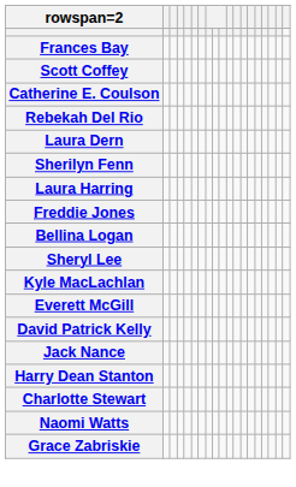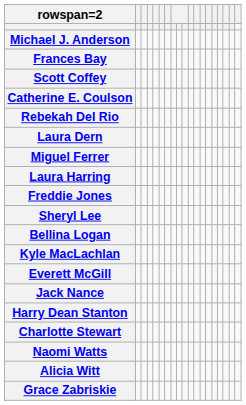 <table class="wikitable plainrowheaders" style="text-align:center;font-size:85%">
 <tr>
 <th>rowspan=2 </th>
 <th></th>
 <th></th>
 <th></th>
 <th></th>
 <th></th>
 <th></th>
 <th colspan=3></th>
 <th></th>
 <th></th>
 <th></th>
 <th></th>
 <th></th>
 <th></th>
 <th></th>
 <th></th>
 <th></th>
 </tr>
 <tr>
 <th></th>
 <th></th>
 <th></th>
 <th></th>
 <th></th>
 <th></th>
 <th></th>
 <th></th>
 <th></th>
 <th></th>
 <th></th>
 <th></th>
 <th></th>
 <th></th>
 <th></th>
 <th></th>
 <th></th>
 <th></th>
+</tr>
+<tr>
+<th scope="row"><a href='#'>Michael J. Anderson</a></th>
+<td></td>
+<td></td>
+<td></td>
+<td></td>
+<td></td>
+<td></td>
+<td></td>
+<td></td>
+<td></td>
+<td></td>
+<td></td>
+<td></td>
+<td></td>
+<td></td>
+<td></td>
+<td></td>
+<td></td>
+<td></td>
 </tr>
 <tr>
 <th scope="row"><a href='#'>Frances Bay</a></th>
 <td></td>
 <td></td>
 <td></td>
 <td></td>
 <td></td>
 <td></td>
 <td></td>
 <td></td>
 <td></td>
 <td></td>
 <td></td>
 <td></td>
 <td></td>
 <td></td>
 <td></td>
 <td></td>
 <td></td>
 <td></td>
 </tr>
 <tr>
 <th scope="row"><a href='#'>Scott Coffey</a></th>
 <td></td>
 <td></td>
 <td></td>
 <td></td>
 <td></td>
 <td></td>
 <td></td>
 <td></td>
 <td></td>
 <td></td>
 <td></td>
 <td></td>
 <td></td>
 <td></td>
 <td></td>
 <td></td>
 <td></td>
 <td></td>
 </tr>
 <tr>
 <th scope="row"><a href='#'>Catherine E. Coulson</a></th>
 <td></td>
 <td></td>
 <td></td>
 <td></td>
 <td></td>
 <td></td>
 <td></td>
 <td></td>
 <td></td>
 <td></td>
 <td></td>
 <td></td>
 <td></td>
 <td></td>
 <td></td>
 <td></td>
 <td></td>
 <td></td>
 </tr>
 <tr>
 <th scope="row"><a href='#'>Rebekah Del Rio</a></th>
 <td></td>
 <td></td>
 <td></td>
 <td></td>
 <td></td>
 <td></td>
 <td></td>
 <td></td>
 <td></td>
 <td></td>
 <td></td>
 <td></td>
 <td></td>
 <td></td>
 <td></td>
 <td></td>
 <td></td>
 <td></td>
 </tr>
 <tr>
 <th scope="row"><a href='#'>Laura Dern</a></th>
 <td></td>
 <td></td>
 <td></td>
 <td></td>
 <td></td>
 <td></td>
 <td></td>
 <td></td>
 <td></td>
 <td></td>
 <td></td>
 <td></td>
 <td></td>
 <td></td>
 <td></td>
 <td></td>
 <td></td>
 <td></td>
 </tr>
 <tr>
-<th scope="row"><a href='#'>Sherilyn Fenn</a></th>
+<th scope="row"><a href='#'>Miguel Ferrer</a></th>
 <td></td>
 <td></td>
 <td></td>
 <td></td>
 <td></td>
 <td></td>
 <td></td>
 <td></td>
 <td></td>
 <td></td>
 <td></td>
 <td></td>
 <td></td>
 <td></td>
 <td></td>
 <td></td>
 <td></td>
 <td></td>
 </tr>
 <tr>
 <th scope="row"><a href='#'>Laura Harring</a></th>
 <td></td>
 <td></td>
 <td></td>
 <td></td>
 <td></td>
 <td></td>
 <td></td>
 <td></td>
 <td></td>
 <td></td>
 <td></td>
 <td></td>
 <td></td>
 <td></td>
 <td></td>
 <td></td>
 <td></td>
 <td></td>
 </tr>
 <tr>
 <th scope="row"><a href='#'>Freddie Jones</a></th>
 <td></td>
 <td></td>
 <td></td>
 <td></td>
 <td></td>
 <td></td>
 <td></td>
 <td></td>
 <td></td>
 <td></td>
 <td></td>
 <td></td>
 <td></td>
 <td></td>
 <td></td>
 <td></td>
 <td></td>
 <td></td>
 </tr>
 <tr>
-<th scope="row"><a href='#'>Bellina Logan</a></th>
+<th scope="row"><a href='#'>Sheryl Lee</a></th>
 <td></td>
 <td></td>
 <td></td>
 <td></td>
 <td></td>
 <td></td>
 <td></td>
 <td></td>
 <td></td>
 <td></td>
 <td></td>
 <td></td>
 <td></td>
 <td></td>
 <td></td>
 <td></td>
 <td></td>
 <td></td>
 </tr>
 <tr>
-<th scope="row"><a href='#'>Sheryl Lee</a></th>
+<th scope="row"><a href='#'>Bellina Logan</a></th>
 <td></td>
 <td></td>
 <td></td>
 <td></td>
 <td></td>
 <td></td>
 <td></td>
 <td></td>
 <td></td>
 <td></td>
 <td></td>
 <td></td>
 <td></td>
 <td></td>
 <td></td>
 <td></td>
 <td></td>
 <td></td>
 </tr>
 <tr>
 <th scope="row"><a href='#'>Kyle MacLachlan</a></th>
 <td></td>
 <td></td>
 <td></td>
 <td></td>
 <td></td>
 <td></td>
 <td></td>
 <td></td>
 <td></td>
 <td></td>
 <td></td>
 <td></td>
 <td></td>
 <td></td>
 <td></td>
 <td></td>
 <td></td>
 <td></td>
 </tr>
 <tr>
 <th scope="row"><a href='#'>Everett McGill</a></th>
-<td></td>
-<td></td>
-<td></td>
-<td></td>
-<td></td>
-<td></td>
-<td></td>
-<td></td>
-<td></td>
-<td></td>
-<td></td>
-<td></td>
-<td></td>
-<td></td>
-<td></td>
-<td></td>
-<td></td>
-<td></td>
-</tr>
-<tr>
-<th scope="row"><a href='#'>David Patrick Kelly</a></th>
 <td></td>
 <td></td>
 <td></td>
 <td></td>
 <td></td>
 <td></td>
 <td></td>
 <td></td>
 <td></td>
 <td></td>
 <td></td>
 <td></td>
 <td></td>
 <td></td>
 <td></td>
 <td></td>
 <td></td>
 <td></td>
 </tr>
 <tr>
 <th scope="row"><a href='#'>Jack Nance</a></th>
 <td></td>
 <td></td>
 <td></td>
 <td></td>
 <td></td>
 <td></td>
 <td></td>
 <td></td>
 <td></td>
 <td></td>
 <td></td>
 <td></td>
 <td></td>
 <td></td>
 <td></td>
 <td></td>
 <td></td>
 <td></td>
 </tr>
 <tr>
 <th scope="row"><a href='#'>Harry Dean Stanton</a></th>
 <td></td>
 <td></td>
 <td></td>
 <td></td>
 <td></td>
 <td></td>
 <td></td>
 <td></td>
 <td></td>
 <td></td>
 <td></td>
 <td></td>
 <td></td>
 <td></td>
 <td></td>
 <td></td>
 <td></td>
 <td></td>
 </tr>
 <tr>
 <th scope="row"><a href='#'>Charlotte Stewart</a></th>
 <td></td>
 <td></td>
 <td></td>
 <td></td>
 <td></td>
 <td></td>
 <td></td>
 <td></td>
 <td></td>
 <td></td>
 <td></td>
 <td></td>
 <td></td>
 <td></td>
 <td></td>
 <td></td>
 <td></td>
 <td></td>
 </tr>
 <tr>
 <th scope="row"><a href='#'>Naomi Watts</a></th>
 <td></td>
 <td></td>
 <td></td>
 <td></td>
 <td></td>
 <td></td>
 <td></td>
 <td></td>
 <td></td>
 <td></td>
 <td></td>
 <td></td>
 <td></td>
 <td></td>
 <td></td>
 <td></td>
 <td></td>
 <td></td>
 </tr>
 <tr>
+<th scope="row"><a href='#'>Alicia Witt</a></th>
+<td></td>
+<td></td>
+<td></td>
+<td></td>
+<td></td>
+<td></td>
+<td></td>
+<td></td>
+<td></td>
+<td></td>
+<td></td>
+<td></td>
+<td></td>
+<td></td>
+<td></td>
+<td></td>
+<td></td>
+<td></td>
+</tr>
+<tr>
 <th scope="row"><a href='#'>Grace Zabriskie</a></th>
 <td></td>
 <td></td>
 <td></td>
 <td></td>
 <td></td>
 <td></td>
 <td></td>
 <td></td>
 <td></td>
 <td></td>
 <td></td>
 <td></td>
 <td></td>
 <td></td>
 <td></td>
 <td></td>
 <td></td>
 <td></td>
 </tr>
 </table>
